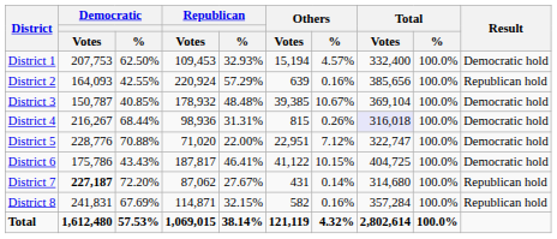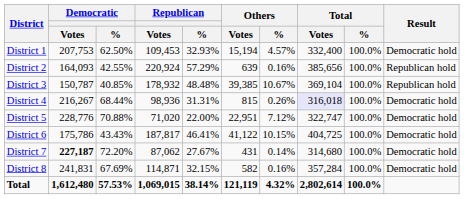 <table class="wikitable plainrowheaders sortable" style="font-size:100%; text-align:right;">
 <tr>
 <th scope=col rowspan=3><a href='#'>District</a></th>
 <th scope=col colspan=2><a href='#'>Democratic</a></th>
 <th scope=col colspan=2><a href='#'>Republican</a></th>
 <th scope=col colspan=2 rowspan=2>Others</th>
 <th scope=col colspan=2 rowspan=2>Total</th>
 <th scope=col rowspan=3>Result</th>
 </tr>
 <tr>
 <th scope=col colspan=2 style="background:"></th>
 <th scope=col colspan=2 style="background:"></th>
 </tr>
 <tr>
 <th scope=col data-sort-type="number">Votes</th>
 <th scope=col data-sort-type="number">%</th>
 <th scope=col data-sort-type="number">Votes</th>
 <th scope=col data-sort-type="number">%</th>
 <th scope=col data-sort-type="number">Votes</th>
 <th scope=col data-sort-type="number">%</th>
 <th scope=col data-sort-type="number">Votes</th>
 <th scope=col data-sort-type="number">%</th>
 </tr>
 <tr>
 <td align=left><a href='#'>District 1</a></td>
 <td>207,753</td>
 <td>62.50%</td>
 <td>109,453</td>
 <td>32.93%</td>
 <td>15,194</td>
 <td>4.57%</td>
 <td>332,400</td>
 <td>100.0%</td>
 <td align=left>Democratic hold</td>
 </tr>
 <tr>
 <td align=left><a href='#'>District 2</a></td>
 <td>164,093</td>
 <td>42.55%</td>
 <td>220,924</td>
 <td>57.29%</td>
 <td>639</td>
 <td>0.16%</td>
 <td>385,656</td>
 <td>100.0%</td>
 <td align=left>Republican hold</td>
 </tr>
 <tr>
 <td align=left><a href='#'>District 3</a></td>
 <td>150,787</td>
 <td>40.85%</td>
 <td>178,932</td>
 <td>48.48%</td>
 <td>39,385</td>
 <td>10.67%</td>
 <td>369,104</td>
 <td>100.0%</td>
-<td align=left>Democratic hold</td>
+<td align=left>Republican hold</td>
 </tr>
 <tr>
 <td align=left><a href='#'>District 4</a></td>
 <td>216,267</td>
 <td>68.44%</td>
 <td>98,936</td>
 <td>31.31%</td>
 <td>815</td>
 <td>0.26%</td>
 <td style="background: lavender;">316,018</td>
 <td>100.0%</td>
 <td align=left>Democratic hold</td>
 </tr>
 <tr>
 <td align=left><a href='#'>District 5</a></td>
 <td>228,776</td>
 <td>70.88%</td>
 <td>71,020</td>
 <td>22.00%</td>
 <td>22,951</td>
 <td>7.12%</td>
 <td>322,747</td>
 <td>100.0%</td>
 <td align=left>Democratic hold</td>
 </tr>
 <tr>
 <td align=left><a href='#'>District 6</a></td>
 <td>175,786</td>
 <td>43.43%</td>
 <td>187,817</td>
 <td>46.41%</td>
 <td>41,122</td>
 <td>10.15%</td>
 <td>404,725</td>
 <td>100.0%</td>
 <td align=left>Democratic hold</td>
 </tr>
 <tr>
 <td align=left><a href='#'>District 7</a></td>
 <td><strong>227,187</strong></td>
 <td>72.20%</td>
 <td>87,062</td>
 <td>27.67%</td>
 <td>431</td>
 <td>0.14%</td>
 <td>314,680</td>
 <td>100.0%</td>
-<td align=left>Republican hold</td>
+<td align=left>Democratic hold</td>
 </tr>
 <tr>
 <td align=left><a href='#'>District 8</a></td>
 <td>241,831</td>
 <td>67.69%</td>
 <td>114,871</td>
 <td>32.15%</td>
 <td>582</td>
 <td>0.16%</td>
 <td>357,284</td>
 <td>100.0%</td>
-<td align=left>Republican hold</td>
+<td align=left>Democratic hold</td>
 </tr>
 <tr class="sortbottom" style="font-weight:bold">
 <td align=left>Total</td>
 <td>1,612,480</td>
 <td>57.53%</td>
 <td>1,069,015</td>
 <td>38.14%</td>
 <td>121,119</td>
 <td>4.32%</td>
 <td>2,802,614</td>
 <td>100.0%</td>
 <td></td>
 </tr>
 </table>
